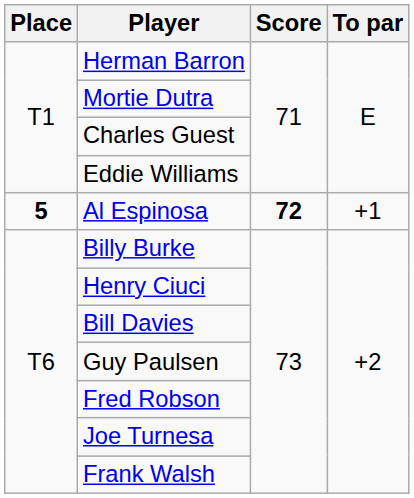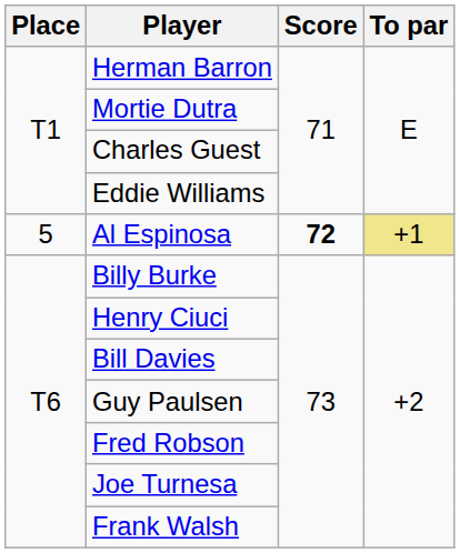 <table class=wikitable>
 <tr>
 <th>Place</th>
 <th>Player</th>
 <th>Score</th>
 <th>To par</th>
 </tr>
 <tr>
 <td rowspan=4 align=center>T1</td>
 <td> <a href='#'>Herman Barron</a></td>
 <td rowspan=4 align=center>71</td>
 <td rowspan=4 align=center>E</td>
 </tr>
 <tr>
 <td> <a href='#'>Mortie Dutra</a></td>
 </tr>
 <tr>
 <td> Charles Guest</td>
 </tr>
 <tr>
 <td> Eddie Williams</td>
 </tr>
 <tr>
-<td align=center><strong>5</strong></td>
+<td align=center>5</td>
 <td> <a href='#'>Al Espinosa</a></td>
 <td align=center><strong>72</strong></td>
-<td align=center>+1</td>
+<td align=center style="background: khaki;">+1</td>
 </tr>
 <tr>
 <td rowspan=7 align=center>T6</td>
 <td> <a href='#'>Billy Burke</a></td>
 <td rowspan=7 align=center>73</td>
 <td rowspan=7 align=center>+2</td>
 </tr>
 <tr>
 <td> <a href='#'>Henry Ciuci</a></td>
 </tr>
 <tr>
 <td> <a href='#'>Bill Davies</a></td>
 </tr>
 <tr>
 <td> Guy Paulsen</td>
 </tr>
 <tr>
 <td> <a href='#'>Fred Robson</a></td>
 </tr>
 <tr>
 <td> <a href='#'>Joe Turnesa</a></td>
 </tr>
 <tr>
 <td> <a href='#'>Frank Walsh</a></td>
 </tr>
 </table>
